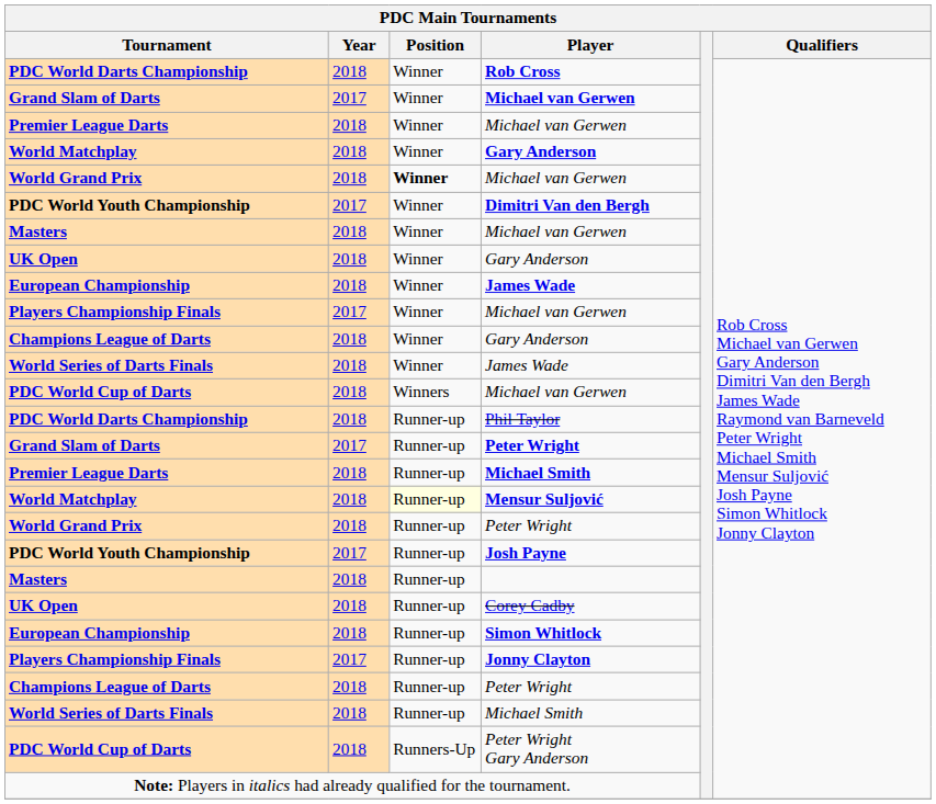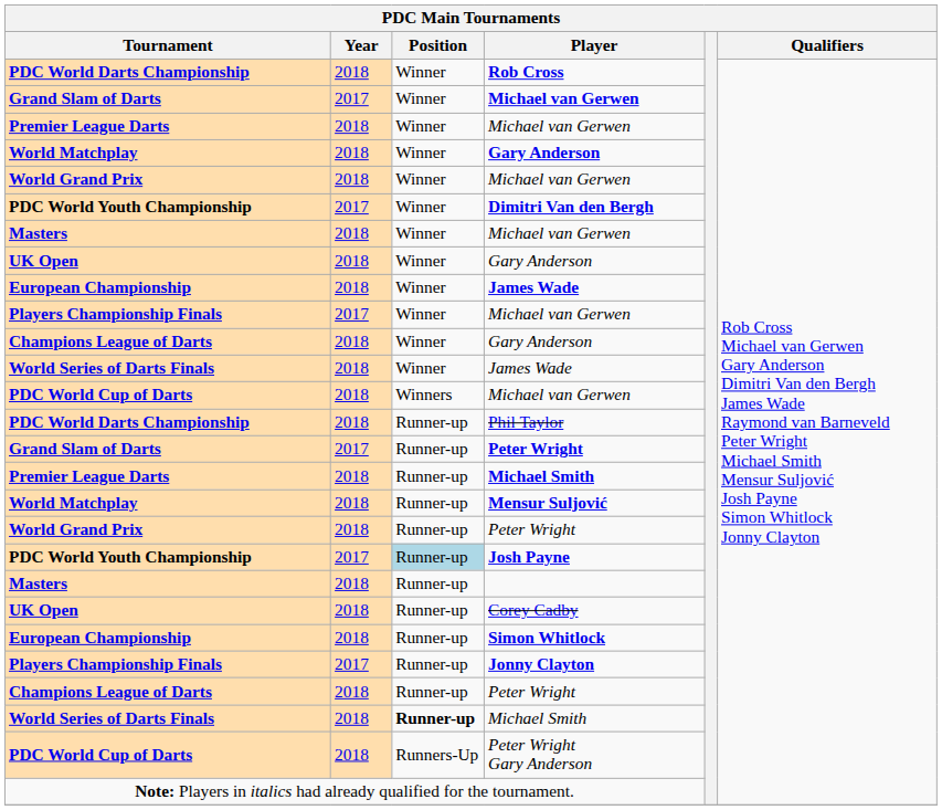 <table class="wikitable">
 <tr>
 <th colspan=6>PDC Main Tournaments</th>
 </tr>
 <tr>
 <th width=300>Tournament</th>
 <th width=50>Year</th>
 <th width=80>Position</th>
 <th width=200>Player</th>
 <th rowspan=28 width=5></th>
 <th width=200>Qualifiers</th>
 </tr>
 <tr>
 <td style="background:#ffdead;"><strong><a href='#'>PDC World Darts Championship</a></strong></td>
 <td style="background:#ffdead;"><a href='#'>2018</a></td>
 <td>Winner</td>
 <td> <strong><a href='#'>Rob Cross</a></strong></td>
 <td rowspan=27> <a href='#'>Rob Cross</a><br> <a href='#'>Michael van Gerwen</a><br> <a href='#'>Gary Anderson</a><br> <a href='#'>Dimitri Van den Bergh</a><br> <a href='#'>James Wade</a><br> <a href='#'>Raymond van Barneveld</a><br> <a href='#'>Peter Wright</a><br> <a href='#'>Michael Smith</a><br> <a href='#'>Mensur Suljović</a><br> <a href='#'>Josh Payne</a><br> <a href='#'>Simon Whitlock</a><br> <a href='#'>Jonny Clayton</a></td>
 </tr>
 <tr>
 <td style="background:#ffdead;"><strong><a href='#'>Grand Slam of Darts</a></strong></td>
 <td style="background:#ffdead;"><a href='#'>2017</a></td>
 <td>Winner</td>
 <td> <strong><a href='#'>Michael van Gerwen</a></strong></td>
 </tr>
 <tr>
 <td style="background:#ffdead;"><strong><a href='#'>Premier League Darts</a></strong></td>
 <td style="background:#ffdead;"><a href='#'>2018</a></td>
 <td>Winner</td>
 <td> <em>Michael van Gerwen</em></td>
 </tr>
 <tr>
 <td style="background:#ffdead;"><strong><a href='#'>World Matchplay</a></strong></td>
 <td style="background:#ffdead;"><a href='#'>2018</a></td>
 <td>Winner</td>
 <td> <strong><a href='#'>Gary Anderson</a></strong></td>
 </tr>
 <tr>
 <td style="background:#ffdead;"><strong><a href='#'>World Grand Prix</a></strong></td>
 <td style="background:#ffdead;"><a href='#'>2018</a></td>
-<td><strong>Winner</strong></td>
+<td>Winner</td>
 <td> <em>Michael van Gerwen</em></td>
 </tr>
 <tr>
 <td style="background:#ffdead;"><strong>PDC World Youth Championship</strong></td>
 <td style="background:#ffdead;"><a href='#'>2017</a></td>
 <td>Winner</td>
 <td> <strong><a href='#'>Dimitri Van den Bergh</a></strong></td>
 </tr>
 <tr>
 <td style="background:#ffdead;"><strong><a href='#'>Masters</a></strong></td>
 <td style="background:#ffdead;"><a href='#'>2018</a></td>
 <td>Winner</td>
 <td> <em>Michael van Gerwen</em></td>
 </tr>
 <tr>
 <td style="background:#ffdead;"><strong><a href='#'>UK Open</a></strong></td>
 <td style="background:#ffdead;"><a href='#'>2018</a></td>
 <td>Winner</td>
 <td> <em>Gary Anderson</em></td>
 </tr>
 <tr>
 <td style="background:#ffdead;"><strong><a href='#'>European Championship</a></strong></td>
 <td style="background:#ffdead;"><a href='#'>2018</a></td>
 <td>Winner</td>
 <td> <strong><a href='#'>James Wade</a></strong></td>
 </tr>
 <tr>
 <td style="background:#ffdead;"><strong><a href='#'>Players Championship Finals</a></strong></td>
 <td style="background:#ffdead;"><a href='#'>2017</a></td>
 <td>Winner</td>
 <td> <em>Michael van Gerwen</em></td>
 </tr>
 <tr>
 <td style="background:#ffdead;"><strong><a href='#'>Champions League of Darts</a></strong></td>
 <td style="background:#ffdead;"><a href='#'>2018</a></td>
 <td>Winner</td>
 <td> <em>Gary Anderson</em></td>
 </tr>
 <tr>
 <td style="background:#ffdead;"><strong><a href='#'>World Series of Darts Finals</a></strong></td>
 <td style="background:#ffdead;"><a href='#'>2018</a></td>
 <td>Winner</td>
 <td> <em>James Wade</em></td>
 </tr>
 <tr>
 <td style="background:#ffdead;"><strong><a href='#'>PDC World Cup of Darts</a></strong></td>
 <td style="background:#ffdead;"><a href='#'>2018</a></td>
 <td>Winners</td>
 <td> <em>Michael van Gerwen</em><br></td>
 </tr>
 <tr>
 <td style="background:#ffdead;"><strong><a href='#'>PDC World Darts Championship</a></strong></td>
 <td style="background:#ffdead;"><a href='#'>2018</a></td>
 <td>Runner-up</td>
 <td> <s><a href='#'>Phil Taylor</a></s></td>
 </tr>
 <tr>
 <td style="background:#ffdead;"><strong><a href='#'>Grand Slam of Darts</a></strong></td>
 <td style="background:#ffdead;"><a href='#'>2017</a></td>
 <td>Runner-up</td>
 <td> <strong><a href='#'>Peter Wright</a></strong></td>
 </tr>
 <tr>
 <td style="background:#ffdead;"><strong><a href='#'>Premier League Darts</a></strong></td>
 <td style="background:#ffdead;"><a href='#'>2018</a></td>
 <td>Runner-up</td>
 <td> <strong><a href='#'>Michael Smith</a></strong></td>
 </tr>
 <tr>
 <td style="background:#ffdead;"><strong><a href='#'>World Matchplay</a></strong></td>
 <td style="background:#ffdead;"><a href='#'>2018</a></td>
-<td style="background: lightyellow;">Runner-up</td>
+<td>Runner-up</td>
 <td> <strong><a href='#'>Mensur Suljović</a></strong></td>
 </tr>
 <tr>
 <td style="background:#ffdead;"><strong><a href='#'>World Grand Prix</a></strong></td>
 <td style="background:#ffdead;"><a href='#'>2018</a></td>
 <td>Runner-up</td>
 <td> <em>Peter Wright</em></td>
 </tr>
 <tr>
 <td style="background:#ffdead;"><strong>PDC World Youth Championship</strong></td>
 <td style="background:#ffdead;"><a href='#'>2017</a></td>
-<td>Runner-up</td>
+<td style="background: lightblue;">Runner-up</td>
 <td> <strong><a href='#'>Josh Payne</a></strong></td>
 </tr>
 <tr>
 <td style="background:#ffdead;"><strong><a href='#'>Masters</a></strong></td>
 <td style="background:#ffdead;"><a href='#'>2018</a></td>
 <td>Runner-up</td>
 <td></td>
 </tr>
 <tr>
 <td style="background:#ffdead;"><strong><a href='#'>UK Open</a></strong></td>
 <td style="background:#ffdead;"><a href='#'>2018</a></td>
 <td>Runner-up</td>
 <td> <s><a href='#'>Corey Cadby</a></s></td>
 </tr>
 <tr>
 <td style="background:#ffdead;"><strong><a href='#'>European Championship</a></strong></td>
 <td style="background:#ffdead;"><a href='#'>2018</a></td>
 <td>Runner-up</td>
 <td> <strong><a href='#'>Simon Whitlock</a></strong></td>
 </tr>
 <tr>
 <td style="background:#ffdead;"><strong><a href='#'>Players Championship Finals</a></strong></td>
 <td style="background:#ffdead;"><a href='#'>2017</a></td>
 <td>Runner-up</td>
 <td> <strong><a href='#'>Jonny Clayton</a></strong></td>
 </tr>
 <tr>
 <td style="background:#ffdead;"><strong><a href='#'>Champions League of Darts</a></strong></td>
 <td style="background:#ffdead;"><a href='#'>2018</a></td>
 <td>Runner-up</td>
 <td> <em>Peter Wright</em></td>
 </tr>
 <tr>
 <td style="background:#ffdead;"><strong><a href='#'>World Series of Darts Finals</a></strong></td>
 <td style="background:#ffdead;"><a href='#'>2018</a></td>
-<td>Runner-up</td>
+<td><strong>Runner-up</strong></td>
 <td> <em>Michael Smith</em></td>
 </tr>
 <tr>
 <td style="background:#ffdead;"><strong><a href='#'>PDC World Cup of Darts</a></strong></td>
 <td style="background:#ffdead;"><a href='#'>2018</a></td>
 <td>Runners-Up</td>
 <td> <em>Peter Wright</em><br> <em>Gary Anderson</em></td>
 </tr>
 <tr>
 <td colspan=4 align=center><strong>Note:</strong> Players in <em>italics</em> had already qualified for the tournament.</td>
 </tr>
 <tr>
 </tr>
 </table>
